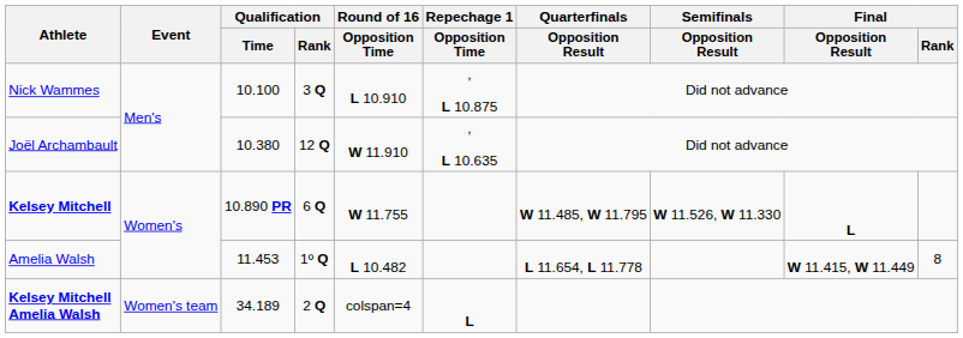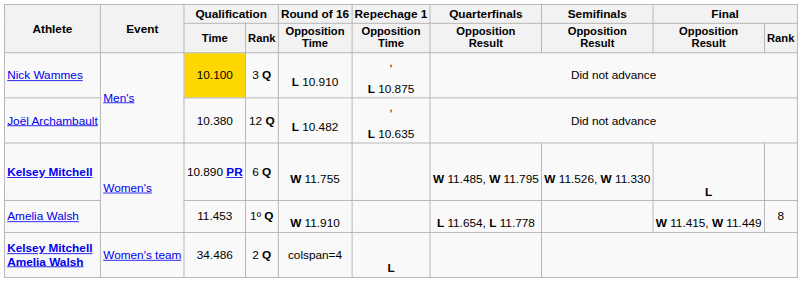 <table class=wikitable style="font-size:90%;">
 <tr>
 <th rowspan=2>Athlete</th>
 <th rowspan=2>Event</th>
 <th colspan=2>Qualification</th>
 <th>Round of 16</th>
 <th>Repechage 1</th>
 <th>Quarterfinals</th>
 <th>Semifinals</th>
 <th colspan=2>Final</th>
 </tr>
 <tr style="font-size:95%">
 <th>Time</th>
 <th>Rank</th>
 <th>Opposition<br>Time</th>
 <th>Opposition<br>Time</th>
 <th>Opposition<br>Result</th>
 <th>Opposition<br>Result</th>
 <th>Opposition<br>Result</th>
 <th>Rank</th>
 </tr>
 <tr align=center>
 <td align=left><a href='#'>Nick Wammes</a></td>
 <td align=left rowspan=2><a href='#'>Men's</a></td>
-<td>10.100</td>
+<td style="background: gold;">10.100</td>
 <td>3 <strong>Q</strong></td>
 <td><br><strong>L</strong> 10.910</td>
 <td>,<br> <br><strong>L</strong> 10.875</td>
 <td colspan=4>Did not advance</td>
 </tr>
 <tr align=center>
 <td align=left><a href='#'>Joël Archambault</a></td>
 <td>10.380</td>
 <td>12 <strong>Q</strong></td>
-<td><br><strong>W</strong> 11.910</td>
+<td><br><strong>L</strong> 10.482</td>
 <td>,<br> <br><strong>L</strong> 10.635</td>
 <td colspan=4>Did not advance</td>
 </tr>
 <tr align=center>
 <td align=left><strong><a href='#'>Kelsey Mitchell</a></strong></td>
 <td align=left rowspan=2><a href='#'>Women's</a></td>
 <td>10.890 <strong><a href='#'>PR</a></strong></td>
 <td>6 <strong>Q</strong></td>
 <td><br><strong>W</strong> 11.755</td>
 <td></td>
 <td><br><strong>W</strong> 11.485, <strong>W</strong> 11.795</td>
 <td><br><strong>W</strong> 11.526, <strong>W</strong> 11.330</td>
 <td><br><br><br> <strong>L</strong></td>
 <td></td>
 </tr>
 <tr align=center>
 <td align=left><a href='#'>Amelia Walsh</a></td>
 <td>11.453</td>
 <td>1º <strong>Q</strong></td>
-<td><br><strong>L</strong> 10.482</td>
+<td><br><strong>W</strong> 11.910</td>
 <td></td>
 <td><br><strong>L</strong> 11.654, <strong>L</strong> 11.778</td>
 <td></td>
 <td><br><strong>W</strong> 11.415, <strong>W</strong> 11.449</td>
 <td>8</td>
 </tr>
 <tr align=center>
 <td align=left><strong><a href='#'>Kelsey Mitchell</a><br><a href='#'>Amelia Walsh</a></strong></td>
 <td align=left><a href='#'>Women's team</a></td>
-<td>34.189</td>
+<td>34.486</td>
 <td>2 <strong>Q</strong></td>
 <td>colspan=4 </td>
 <td><br><br><strong>L</strong></td>
 <td></td>
 </tr>
 </table>
